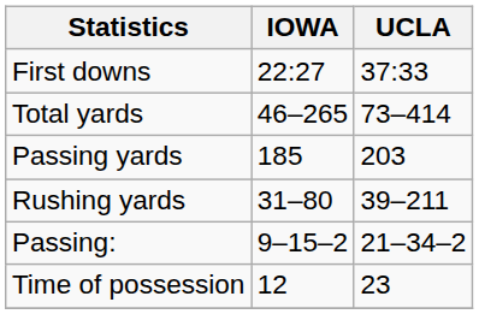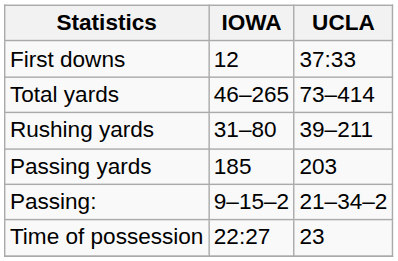 <table class="wikitable" style="float: left;">
 <tr>
 <th>Statistics</th>
 <th>IOWA</th>
 <th>UCLA</th>
 </tr>
 <tr>
 <td>First downs</td>
-<td>22:27</td>
+<td>12</td>
 <td>37:33</td>
 </tr>
 <tr>
 <td>Total yards</td>
 <td>46–265</td>
 <td>73–414</td>
 </tr>
 <tr>
+<td>Rushing yards</td>
+<td>31–80</td>
+<td>39–211</td>
+</tr>
+<tr>
 <td>Passing yards</td>
 <td>185</td>
 <td>203</td>
-</tr>
-<tr>
-<td>Rushing yards</td>
-<td>31–80</td>
-<td>39–211</td>
 </tr>
 <tr>
 <td>Passing:</td>
 <td>9–15–2</td>
 <td>21–34–2</td>
 </tr>
 <tr>
 <td>Time of possession</td>
-<td>12</td>
+<td>22:27</td>
 <td>23</td>
 </tr>
 <tr>
 </tr>
 </table>
